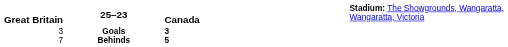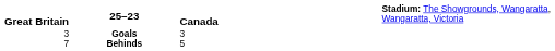 <table style="width: 100%; background: transparent;" cellspacing="0">
 <tr>
 <td align=center valign=top rowspan=3 width=15%></td>
 </tr>
 <tr>
 <td width=24% align=right><br><strong>Great Britain</strong></td>
 <td align=center width=13%><strong>25–23</strong></td>
 <td width=24%><br><strong>Canada</strong></td>
 <td style=font-size:85% rowspan=2 valign=top><strong>Stadium:</strong> <a href='#'>The Showgrounds, Wangaratta</a>, <a href='#'>Wangaratta, Victoria</a></td>
 </tr>
 <tr style=font-size:85%>
 <td align=right valign=top>3<br> 7</td>
 <td align=center valign=top><strong>Goals <br>Behinds</strong></td>
-<td valign=top><strong>3<br> 5</strong></td>
+<td valign=top>3<br> 5</td>
 </tr>
 </table>
